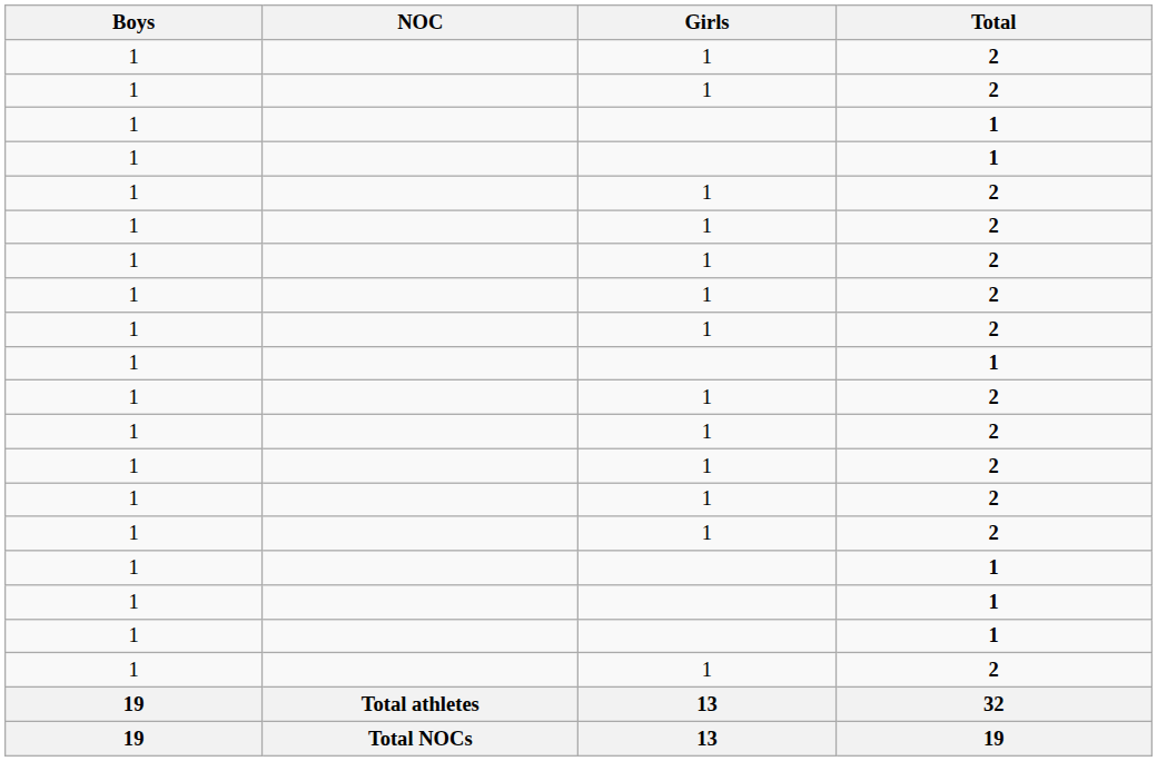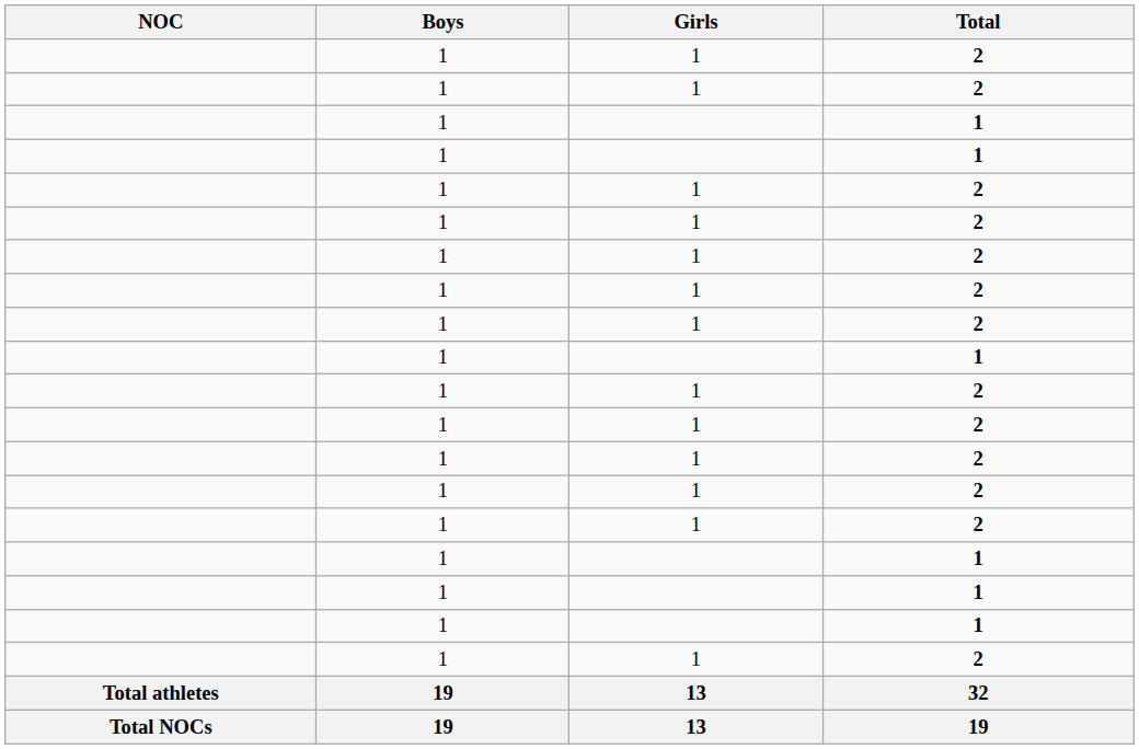 <table class="wikitable collapsible sortable"  style="width:800px; text-align:center; font-size:90%;">
 <tr>
+<th style="text-align:center; width:100px;"><strong>NOC </strong></th>
 <th width=80><strong>Boys</strong></th>
-<th style="text-align:center; width:100px;"><strong>NOC </strong></th>
 <th width=80><strong>Girls</strong></th>
 <th width=100><strong>Total</strong></th>
 </tr>
 <tr>
+<td style="text-align:left;"></td>
 <td>1</td>
-<td style="text-align:left;"></td>
 <td>1</td>
 <td><strong>2</strong></td>
 </tr>
 <tr>
+<td style="text-align:left;"></td>
 <td>1</td>
-<td style="text-align:left;"></td>
 <td>1</td>
 <td><strong>2</strong></td>
 </tr>
 <tr>
+<td style="text-align:left;"></td>
 <td>1</td>
-<td style="text-align:left;"></td>
 <td></td>
 <td><strong>1</strong></td>
 </tr>
 <tr>
+<td style="text-align:left;"></td>
 <td>1</td>
-<td style="text-align:left;"></td>
 <td></td>
 <td><strong>1</strong></td>
 </tr>
 <tr>
+<td style="text-align:left;"></td>
 <td>1</td>
-<td style="text-align:left;"></td>
 <td>1</td>
 <td><strong>2</strong></td>
 </tr>
 <tr>
+<td style="text-align:left;"></td>
 <td>1</td>
-<td style="text-align:left;"></td>
 <td>1</td>
 <td><strong>2</strong></td>
 </tr>
 <tr>
+<td style="text-align:left;"></td>
 <td>1</td>
-<td style="text-align:left;"></td>
 <td>1</td>
 <td><strong>2</strong></td>
 </tr>
 <tr>
+<td style="text-align:left;"></td>
 <td>1</td>
-<td style="text-align:left;"></td>
 <td>1</td>
 <td><strong>2</strong></td>
 </tr>
 <tr>
+<td style="text-align:left;"></td>
 <td>1</td>
-<td style="text-align:left;"></td>
 <td>1</td>
 <td><strong>2</strong></td>
 </tr>
 <tr>
+<td style="text-align:left;"></td>
 <td>1</td>
-<td style="text-align:left;"></td>
 <td></td>
 <td><strong>1</strong></td>
 </tr>
 <tr>
+<td style="text-align:left;"></td>
 <td>1</td>
-<td style="text-align:left;"></td>
 <td>1</td>
 <td><strong>2</strong></td>
 </tr>
 <tr>
+<td style="text-align:left;"></td>
 <td>1</td>
-<td style="text-align:left;"></td>
 <td>1</td>
 <td><strong>2</strong></td>
 </tr>
 <tr>
+<td style="text-align:left;"></td>
 <td>1</td>
-<td style="text-align:left;"></td>
 <td>1</td>
 <td><strong>2</strong></td>
 </tr>
 <tr>
+<td style="text-align:left;"></td>
 <td>1</td>
-<td style="text-align:left;"></td>
 <td>1</td>
 <td><strong>2</strong></td>
 </tr>
 <tr>
+<td style="text-align:left;"></td>
 <td>1</td>
-<td style="text-align:left;"></td>
 <td>1</td>
 <td><strong>2</strong></td>
 </tr>
 <tr>
+<td style="text-align:left;"></td>
 <td>1</td>
-<td style="text-align:left;"></td>
 <td></td>
 <td><strong>1</strong></td>
 </tr>
 <tr>
+<td style="text-align:left;"></td>
 <td>1</td>
-<td style="text-align:left;"></td>
 <td></td>
 <td><strong>1</strong></td>
 </tr>
 <tr>
+<td style="text-align:left;"></td>
 <td>1</td>
-<td style="text-align:left;"></td>
 <td></td>
 <td><strong>1</strong></td>
 </tr>
 <tr>
+<td style="text-align:left;"></td>
 <td>1</td>
-<td style="text-align:left;"></td>
 <td>1</td>
 <td><strong>2</strong></td>
 </tr>
 <tr>
+<th>Total athletes</th>
 <th>19</th>
-<th>Total athletes</th>
 <th>13</th>
 <th><strong>32</strong></th>
 </tr>
 <tr class="sortbottom">
+<th>Total NOCs</th>
 <th>19</th>
-<th>Total NOCs</th>
 <th>13</th>
 <th><strong>19</strong></th>
 </tr>
 </table>
